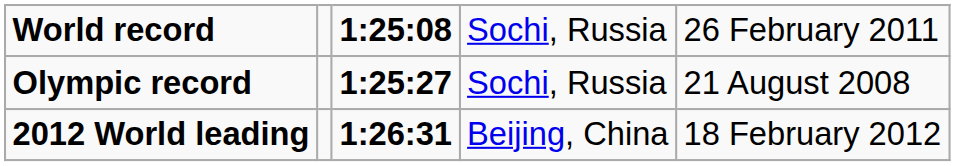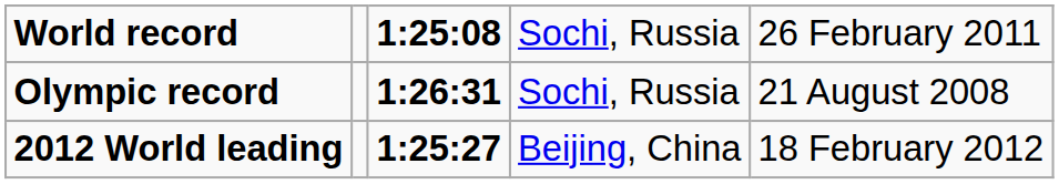 <table class="wikitable">
 <tr>
 <td><strong>World record</strong></td>
 <td></td>
 <td><strong>1:25:08</strong></td>
 <td><a href='#'>Sochi</a>, Russia</td>
 <td>26 February 2011</td>
 </tr>
 <tr>
 <td><strong>Olympic record</strong></td>
 <td></td>
-<td><strong>1:25:27</strong></td>
+<td><strong>1:26:31</strong></td>
 <td><a href='#'>Sochi</a>, Russia</td>
 <td>21 August 2008</td>
 </tr>
 <tr>
 <td><strong>2012 World leading</strong></td>
 <td></td>
-<td><strong>1:26:31</strong></td>
+<td><strong>1:25:27</strong></td>
 <td><a href='#'>Beijing</a>, China</td>
 <td>18 February 2012</td>
 </tr>
 </table>
